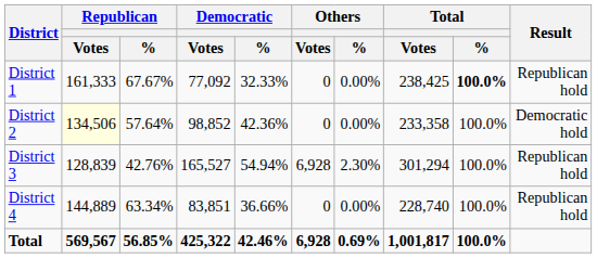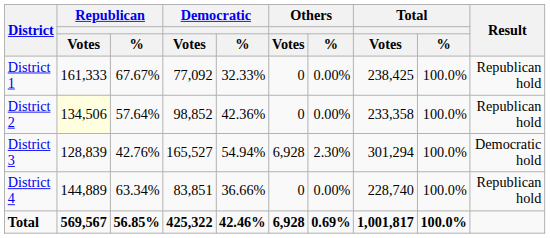 <table class="wikitable plainrowheaders sortable" style="font-size:100%; text-align:right;">
 <tr>
 <th scope=col rowspan=3><a href='#'>District</a></th>
 <th scope=col colspan=2><a href='#'>Republican</a></th>
 <th scope=col colspan=2><a href='#'>Democratic</a></th>
 <th scope=col colspan=2>Others</th>
 <th scope=col colspan=2>Total</th>
 <th scope=col rowspan=3>Result</th>
 </tr>
 <tr>
 <th scope=col colspan=2 style="background:"></th>
 <th scope=col colspan=2 style="background:"></th>
 <th scope=col colspan=2></th>
 <th scope=col colspan=2></th>
 </tr>
 <tr>
 <th scope=col data-sort-type="number">Votes</th>
 <th scope=col data-sort-type="number">%</th>
 <th scope=col data-sort-type="number">Votes</th>
 <th scope=col data-sort-type="number">%</th>
 <th scope=col data-sort-type="number">Votes</th>
 <th scope=col data-sort-type="number">%</th>
 <th scope=col data-sort-type="number">Votes</th>
 <th scope=col data-sort-type="number">%</th>
 </tr>
 <tr>
 <td align=left><a href='#'>District 1</a></td>
 <td>161,333</td>
 <td>67.67%</td>
 <td>77,092</td>
 <td>32.33%</td>
 <td>0</td>
 <td>0.00%</td>
 <td>238,425</td>
-<td><strong>100.0%</strong></td>
+<td>100.0%</td>
 <td>Republican hold</td>
 </tr>
 <tr>
 <td align=left><a href='#'>District 2</a></td>
 <td style="background: lightyellow;">134,506</td>
 <td>57.64%</td>
 <td>98,852</td>
 <td>42.36%</td>
 <td>0</td>
 <td>0.00%</td>
 <td>233,358</td>
 <td>100.0%</td>
-<td>Democratic hold</td>
+<td>Republican hold</td>
 </tr>
 <tr>
 <td align=left><a href='#'>District 3</a></td>
 <td>128,839</td>
 <td>42.76%</td>
 <td>165,527</td>
 <td>54.94%</td>
 <td>6,928</td>
 <td>2.30%</td>
 <td>301,294</td>
 <td>100.0%</td>
-<td>Republican hold</td>
+<td>Democratic hold</td>
 </tr>
 <tr>
 <td align=left><a href='#'>District 4</a></td>
 <td>144,889</td>
 <td>63.34%</td>
 <td>83,851</td>
 <td>36.66%</td>
 <td>0</td>
 <td>0.00%</td>
 <td>228,740</td>
 <td>100.0%</td>
 <td>Republican hold</td>
 </tr>
 <tr class="sortbottom" style="font-weight:bold">
 <td align=left>Total</td>
 <td>569,567</td>
 <td>56.85%</td>
 <td>425,322</td>
 <td>42.46%</td>
 <td>6,928</td>
 <td>0.69%</td>
 <td>1,001,817</td>
 <td>100.0%</td>
 <td></td>
 </tr>
 </table>
